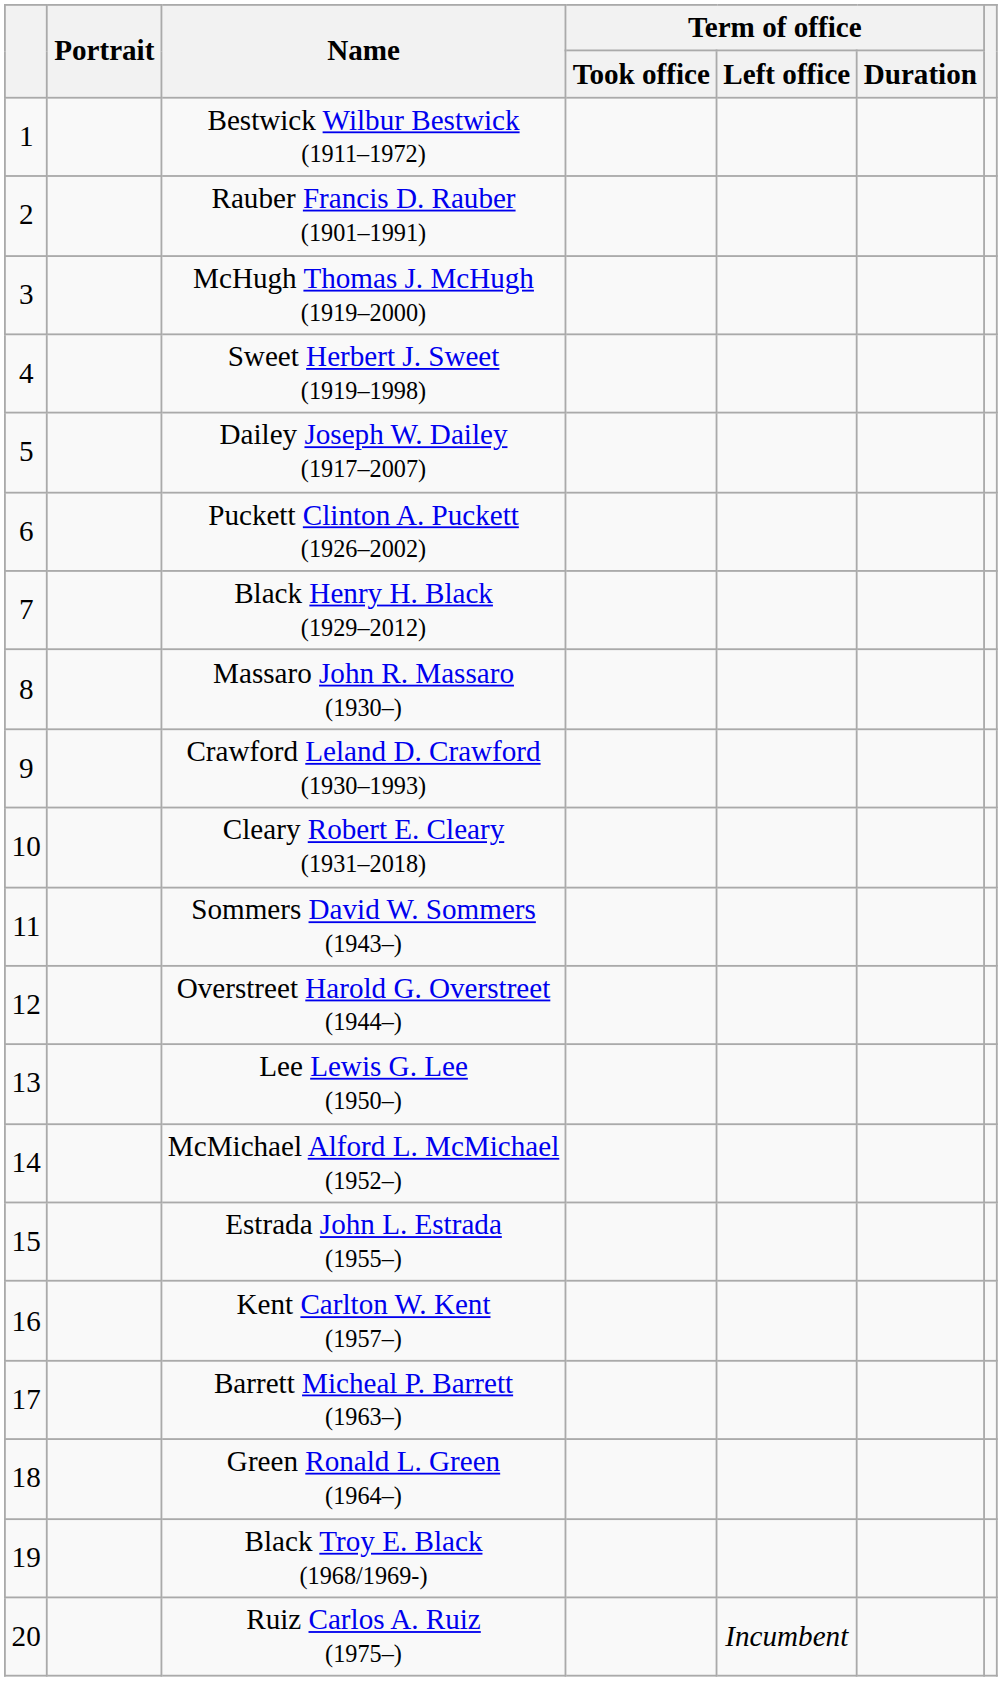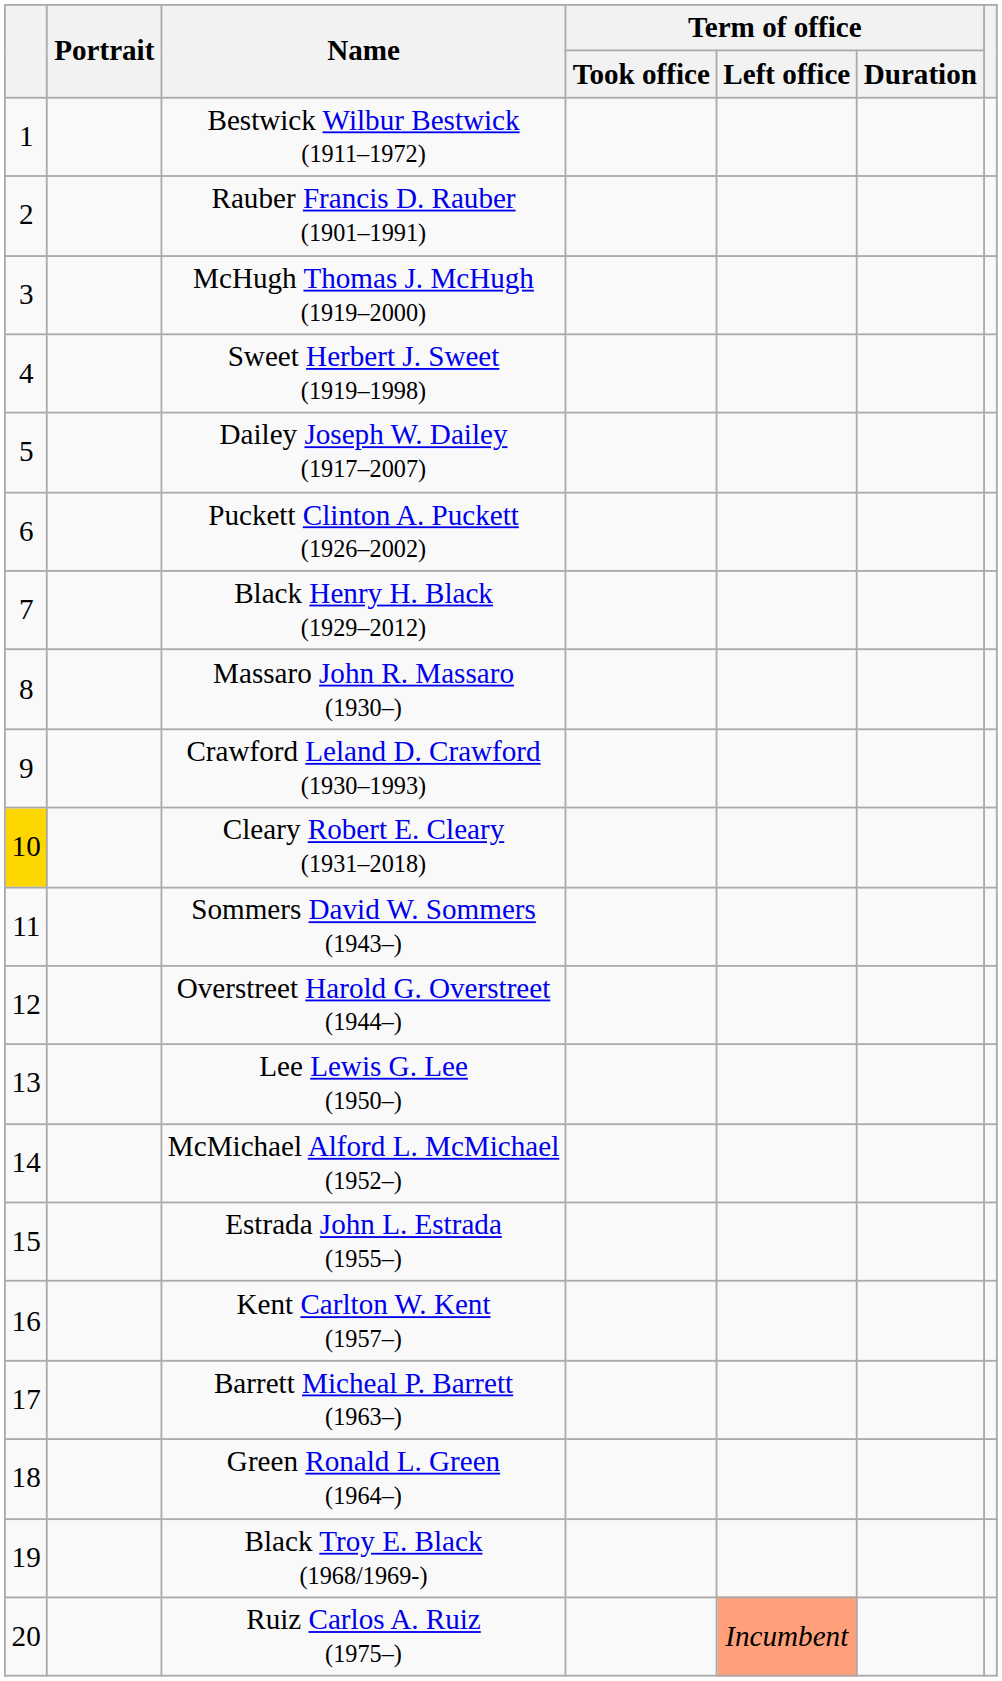 <table class="wikitable sortable" style="text-align:center;">
 <tr>
 <th rowspan=2></th>
 <th class="unsortable" rowspan=2>Portrait</th>
 <th rowspan=2>Name</th>
 <th colspan=3>Term of office</th>
 <th class="unsortable" rowspan=2></th>
 </tr>
 <tr>
 <th>Took office</th>
 <th>Left office</th>
 <th>Duration</th>
 </tr>
 <tr>
 <td>1</td>
 <td></td>
 <td><span>Bestwick</span> <a href='#'>Wilbur Bestwick</a><br><small>(1911–1972)</small></td>
 <td></td>
 <td></td>
 <td></td>
 <td></td>
 </tr>
 <tr>
 <td>2</td>
 <td></td>
 <td><span>Rauber</span> <a href='#'>Francis D. Rauber</a><br><small>(1901–1991)</small></td>
 <td></td>
 <td></td>
 <td></td>
 <td></td>
 </tr>
 <tr>
 <td>3</td>
 <td></td>
 <td><span>McHugh</span> <a href='#'>Thomas J. McHugh</a><br><small>(1919–2000)</small></td>
 <td></td>
 <td></td>
 <td></td>
 <td></td>
 </tr>
 <tr>
 <td>4</td>
 <td></td>
 <td><span>Sweet</span> <a href='#'>Herbert J. Sweet</a><br><small>(1919–1998)</small></td>
 <td></td>
 <td></td>
 <td></td>
 <td></td>
 </tr>
 <tr>
 <td>5</td>
 <td></td>
 <td><span>Dailey</span> <a href='#'>Joseph W. Dailey</a><br><small>(1917–2007)</small></td>
 <td></td>
 <td></td>
 <td></td>
 <td></td>
 </tr>
 <tr>
 <td>6</td>
 <td></td>
 <td><span>Puckett</span> <a href='#'>Clinton A. Puckett</a><br><small>(1926–2002)</small></td>
 <td></td>
 <td></td>
 <td></td>
 <td></td>
 </tr>
 <tr>
 <td>7</td>
 <td></td>
 <td><span>Black</span> <a href='#'>Henry H. Black</a><br><small>(1929–2012)</small></td>
 <td></td>
 <td></td>
 <td></td>
 <td></td>
 </tr>
 <tr>
 <td>8</td>
 <td></td>
 <td><span>Massaro</span> <a href='#'>John R. Massaro</a><br><small>(1930–)</small></td>
 <td></td>
 <td></td>
 <td></td>
 <td></td>
 </tr>
 <tr>
 <td>9</td>
 <td></td>
 <td><span>Crawford</span> <a href='#'>Leland D. Crawford</a><br><small>(1930–1993)</small></td>
 <td></td>
 <td></td>
 <td></td>
 <td></td>
 </tr>
 <tr>
-<td>10</td>
+<td style="background: gold;">10</td>
 <td></td>
 <td><span>Cleary</span> <a href='#'>Robert E. Cleary</a><br><small>(1931–2018)</small></td>
 <td></td>
 <td></td>
 <td></td>
 <td></td>
 </tr>
 <tr>
 <td>11</td>
 <td></td>
 <td><span>Sommers</span> <a href='#'>David W. Sommers</a><br><small>(1943–)</small></td>
 <td></td>
 <td></td>
 <td></td>
 <td></td>
 </tr>
 <tr>
 <td>12</td>
 <td></td>
 <td><span>Overstreet</span> <a href='#'>Harold G. Overstreet</a><br><small>(1944–)</small></td>
 <td></td>
 <td></td>
 <td></td>
 <td></td>
 </tr>
 <tr>
 <td>13</td>
 <td></td>
 <td><span>Lee</span> <a href='#'>Lewis G. Lee</a><br><small>(1950–)</small></td>
 <td></td>
 <td></td>
 <td></td>
 <td></td>
 </tr>
 <tr>
 <td>14</td>
 <td></td>
 <td><span>McMichael</span> <a href='#'>Alford L. McMichael</a><br><small>(1952–)</small></td>
 <td></td>
 <td></td>
 <td></td>
 <td></td>
 </tr>
 <tr>
 <td>15</td>
 <td></td>
 <td><span>Estrada</span> <a href='#'>John L. Estrada</a><br><small>(1955–)</small></td>
 <td></td>
 <td></td>
 <td></td>
 <td></td>
 </tr>
 <tr>
 <td>16</td>
 <td></td>
 <td><span>Kent</span> <a href='#'>Carlton W. Kent</a><br><small>(1957–)</small></td>
 <td></td>
 <td></td>
 <td></td>
 <td></td>
 </tr>
 <tr>
 <td>17</td>
 <td></td>
 <td><span>Barrett</span> <a href='#'>Micheal P. Barrett</a><br><small>(1963–)</small></td>
 <td></td>
 <td></td>
 <td></td>
 <td></td>
 </tr>
 <tr>
 <td>18</td>
 <td></td>
 <td><span>Green</span> <a href='#'>Ronald L. Green</a><br><small>(1964–)</small></td>
 <td></td>
 <td></td>
 <td></td>
 <td></td>
 </tr>
 <tr>
 <td>19</td>
 <td></td>
 <td><span>Black</span> <a href='#'>Troy E. Black</a><br><small>(1968/1969-)</small></td>
 <td></td>
 <td></td>
 <td></td>
 <td></td>
 </tr>
 <tr>
 <td>20</td>
 <td></td>
 <td><span>Ruiz</span> <a href='#'>Carlos A. Ruiz</a><br><small>(1975–)</small></td>
 <td></td>
-<td><em>Incumbent</em></td>
+<td style="background: lightsalmon;"><em>Incumbent</em></td>
 <td></td>
 <td></td>
 </tr>
 </table>
